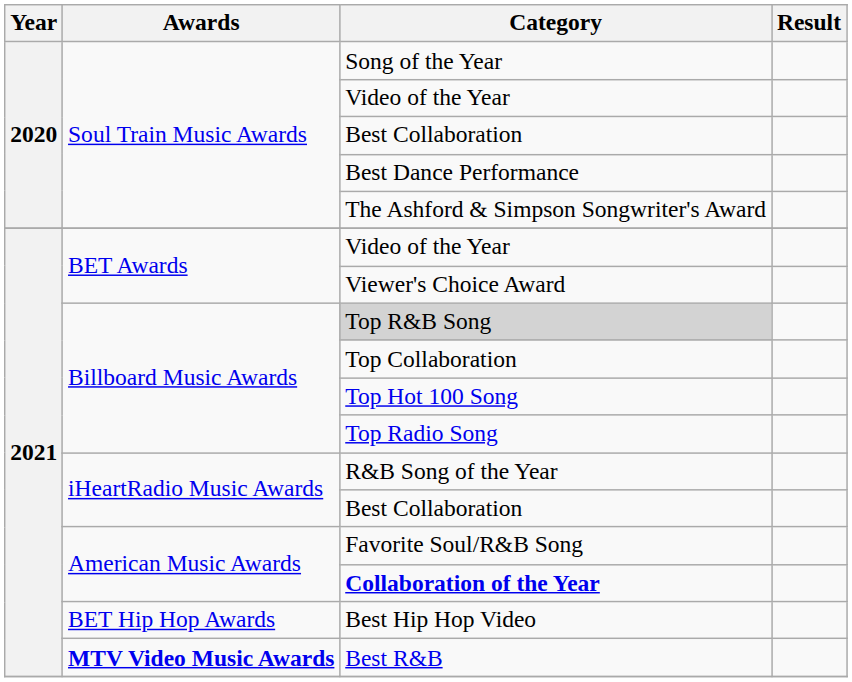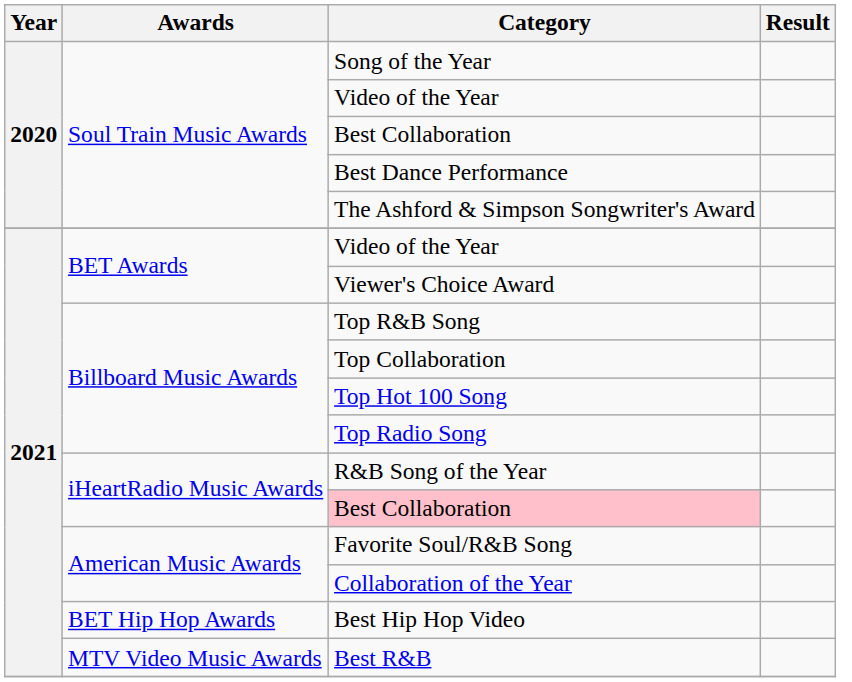 <table class="wikitable plainrowheaders">
 <tr>
 <th>Year</th>
 <th>Awards</th>
 <th>Category</th>
 <th>Result</th>
 </tr>
 <tr>
 <th scope="row" rowspan="5">2020</th>
 <td rowspan="5"><a href='#'>Soul Train Music Awards</a></td>
 <td>Song of the Year</td>
 <td></td>
 </tr>
 <tr>
 <td>Video of the Year</td>
 <td></td>
 </tr>
 <tr>
 <td>Best Collaboration</td>
 <td></td>
 </tr>
 <tr>
 <td>Best Dance Performance</td>
 <td></td>
 </tr>
 <tr>
 <td>The Ashford & Simpson Songwriter's Award</td>
 <td></td>
 </tr>
 <tr>
 </tr>
 <tr>
 <th scope="row" rowspan="12">2021</th>
 <td rowspan="2"><a href='#'>BET Awards</a></td>
 <td>Video of the Year</td>
 <td></td>
 </tr>
 <tr>
 <td>Viewer's Choice Award</td>
 <td></td>
 </tr>
 <tr>
 <td rowspan="4"><a href='#'>Billboard Music Awards</a></td>
-<td style="background: lightgrey;">Top R&B Song</td>
+<td>Top R&B Song</td>
 <td></td>
 </tr>
 <tr>
 <td>Top Collaboration</td>
 <td></td>
 </tr>
 <tr>
 <td><a href='#'>Top Hot 100 Song</a></td>
 <td></td>
 </tr>
 <tr>
 <td><a href='#'>Top Radio Song</a></td>
 <td></td>
 </tr>
 <tr>
 <td rowspan="2"><a href='#'>iHeartRadio Music Awards</a></td>
 <td>R&B Song of the Year</td>
 <td></td>
 </tr>
 <tr>
-<td>Best Collaboration</td>
+<td style="background: pink;">Best Collaboration</td>
 <td></td>
 </tr>
 <tr>
 <td rowspan="2"><a href='#'>American Music Awards</a></td>
 <td>Favorite Soul/R&B Song</td>
 <td></td>
 </tr>
 <tr>
-<td><strong><a href='#'>Collaboration of the Year</a></strong></td>
+<td><a href='#'>Collaboration of the Year</a></td>
 <td></td>
 </tr>
 <tr>
 <td rowspan="1"><a href='#'>BET Hip Hop Awards</a></td>
 <td>Best Hip Hop Video</td>
 <td></td>
 </tr>
 <tr>
-<td rowspan="1"><strong><a href='#'>MTV Video Music Awards</a></strong></td>
+<td rowspan="1"><a href='#'>MTV Video Music Awards</a></td>
 <td><a href='#'>Best R&B</a></td>
 <td></td>
 </tr>
 <tr>
 </tr>
 </table>
